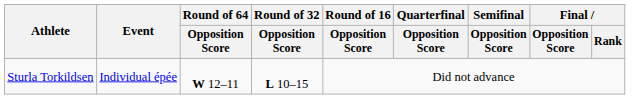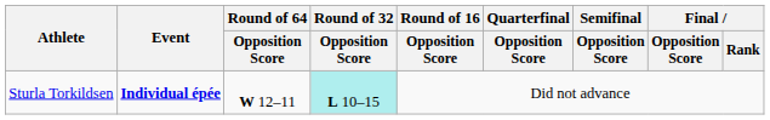 <table class="wikitable" style="font-size:90%">
 <tr>
 <th rowspan="2">Athlete</th>
 <th rowspan="2">Event</th>
 <th>Round of 64</th>
 <th>Round of 32</th>
 <th>Round of 16</th>
 <th>Quarterfinal</th>
 <th>Semifinal</th>
 <th colspan=2>Final / </th>
 </tr>
 <tr style="font-size:95%">
 <th>Opposition <br> Score</th>
 <th>Opposition <br> Score</th>
 <th>Opposition <br> Score</th>
 <th>Opposition <br> Score</th>
 <th>Opposition <br> Score</th>
 <th>Opposition <br> Score</th>
 <th>Rank</th>
 </tr>
 <tr align=center>
 <td align=left><a href='#'>Sturla Torkildsen</a></td>
-<td align=left><a href='#'>Individual épée</a></td>
+<td align=left><strong><a href='#'>Individual épée</a></strong></td>
 <td><br><strong>W</strong> 12–11</td>
-<td><br><strong>L</strong> 10–15</td>
+<td style="background: paleturquoise;"><br><strong>L</strong> 10–15</td>
 <td colspan=5>Did not advance</td>
 </tr>
 </table>
